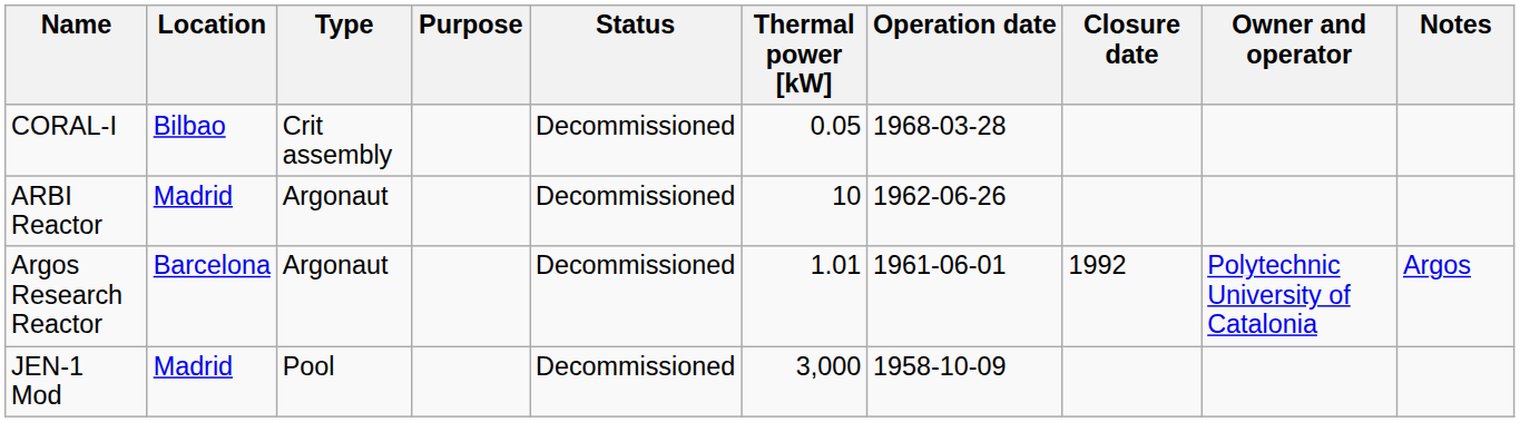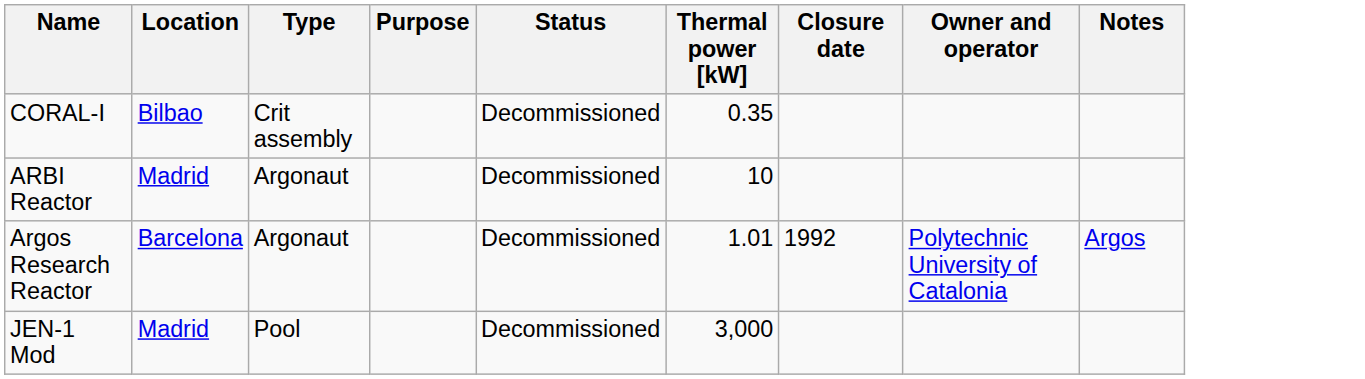 <table class="wikitable" >
 <tr valign="top">
 <th width="80">Name</th>
 <th width="65">Location</th>
 <th width="76">Type</th>
 <th width="65">Purpose</th>
 <th width="91">Status</th>
 <th width="70“">Thermal power [kW]</th>
-<th width=„67“>Operation date</th>
 <th width="78“">Closure date</th>
 <th width="113“">Owner and operator</th>
 <th width="65">Notes</th>
 </tr>
 <tr valign="top">
 <td>CORAL-I</td>
 <td><a href='#'>Bilbao</a></td>
 <td>Crit assembly</td>
 <td></td>
 <td>Decommissioned</td>
-<td align="right">0.05</td>
-<td>1968-03-28</td>
+<td align="right">0.35</td>
 <td></td>
 <td></td>
 <td></td>
 </tr>
 <tr valign="top">
 <td>ARBI Reactor</td>
 <td><a href='#'>Madrid</a></td>
 <td>Argonaut</td>
 <td></td>
 <td>Decommissioned</td>
 <td align="right">10</td>
-<td>1962-06-26</td>
 <td></td>
 <td></td>
 <td></td>
 </tr>
 <tr valign="top">
 <td>Argos Research Reactor</td>
 <td><a href='#'>Barcelona</a></td>
 <td>Argonaut</td>
 <td></td>
 <td>Decommissioned</td>
 <td align="right">1.01</td>
-<td>1961-06-01</td>
 <td>1992</td>
 <td><a href='#'>Polytechnic University of Catalonia</a></td>
 <td><a href='#'>Argos</a></td>
 </tr>
 <tr valign="top">
 <td>JEN-1 Mod</td>
 <td><a href='#'>Madrid</a></td>
 <td>Pool</td>
 <td></td>
 <td>Decommissioned</td>
 <td align="right">3,000</td>
-<td>1958-10-09</td>
 <td></td>
 <td></td>
 <td></td>
 </tr>
 </table>
